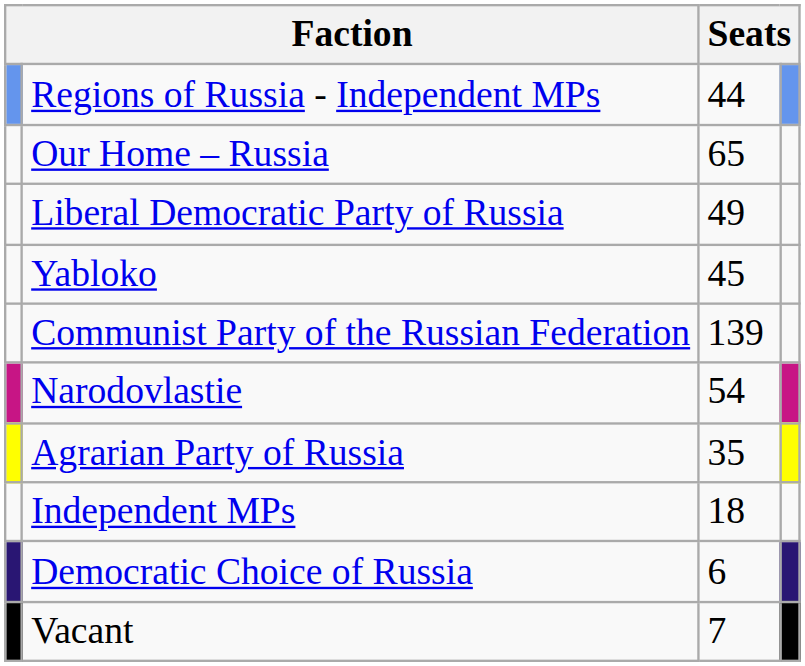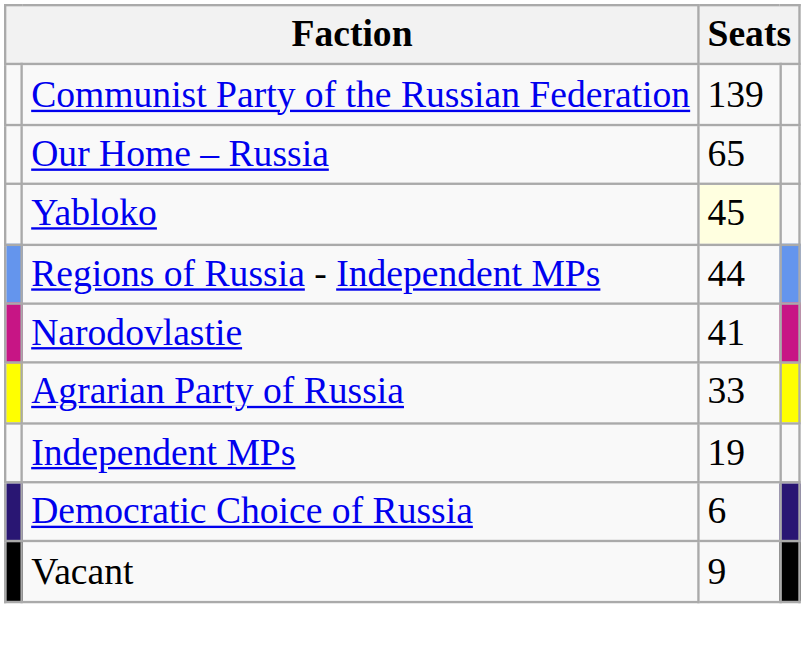 <table class=wikitable>
 <tr>
 <th colspan=2>Faction</th>
 <th colspan=2>Seats</th>
 </tr>
 <tr>
-<td style="background-color:#6495ED"></td>
-<td><a href='#'>Regions of Russia</a> - <a href='#'>Independent MPs</a></td>
-<td>44</td>
-<td style="background-color:#6495ED"></td>
+<td style="background-color:"></td>
+<td><a href='#'>Communist Party of the Russian Federation</a></td>
+<td>139</td>
+<td style="background-color:"></td>
 </tr>
 <tr>
 <td style="background-color:"></td>
 <td><a href='#'>Our Home – Russia</a></td>
 <td>65</td>
 <td style="background-color:"></td>
 </tr>
 <tr>
 <td style="background-color:"></td>
-<td><a href='#'>Liberal Democratic Party of Russia</a></td>
-<td>49</td>
+<td><a href='#'>Yabloko</a></td>
+<td style="background: lightyellow;">45</td>
 <td style="background-color:"></td>
 </tr>
 <tr>
-<td style="background-color:"></td>
-<td><a href='#'>Yabloko</a></td>
-<td>45</td>
-<td style="background-color:"></td>
-</tr>
-<tr>
-<td style="background-color:"></td>
-<td><a href='#'>Communist Party of the Russian Federation</a></td>
-<td>139</td>
-<td style="background-color:"></td>
+<td style="background-color:#6495ED"></td>
+<td><a href='#'>Regions of Russia</a> - <a href='#'>Independent MPs</a></td>
+<td>44</td>
+<td style="background-color:#6495ED"></td>
 </tr>
 <tr>
 <td style="background-color:#C71585"></td>
 <td><a href='#'>Narodovlastie</a></td>
-<td>54</td>
+<td>41</td>
 <td style="background-color:#C71585"></td>
 </tr>
 <tr>
 <td style="background-color:Yellow"></td>
 <td><a href='#'>Agrarian Party of Russia</a></td>
-<td>35</td>
+<td>33</td>
 <td style="background-color:Yellow"></td>
 </tr>
 <tr>
 <td style="background-color:"></td>
 <td><a href='#'>Independent MPs</a></td>
-<td>18</td>
+<td>19</td>
 <td style="background-color:"></td>
 </tr>
 <tr>
 <td style="background-color:#291673"></td>
 <td><a href='#'>Democratic Choice of Russia</a></td>
 <td>6</td>
 <td style="background-color:#291673"></td>
 </tr>
 <tr>
 <td style="background-color:Black"></td>
 <td>Vacant</td>
-<td>7</td>
+<td>9</td>
 <td style="background-color:Black"></td>
 </tr>
 </table>
